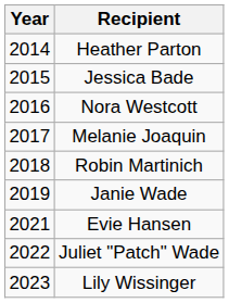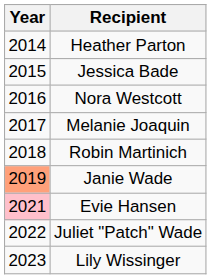 <table class="wikitable" style="text-align:center">
 <tr>
 <th>Year</th>
 <th>Recipient</th>
 </tr>
 <tr>
 <td>2014</td>
 <td>Heather Parton</td>
 </tr>
 <tr>
 <td>2015</td>
 <td>Jessica Bade</td>
 </tr>
 <tr>
 <td>2016</td>
 <td>Nora Westcott</td>
 </tr>
 <tr>
 <td>2017</td>
 <td>Melanie Joaquin</td>
 </tr>
 <tr>
 <td>2018</td>
 <td>Robin Martinich</td>
 </tr>
 <tr>
-<td>2019</td>
+<td style="background: lightsalmon;">2019</td>
 <td>Janie Wade</td>
 </tr>
 <tr>
-<td>2021</td>
+<td style="background: pink;">2021</td>
 <td>Evie Hansen</td>
 </tr>
 <tr>
 <td>2022</td>
 <td>Juliet "Patch" Wade</td>
 </tr>
 <tr>
 <td>2023</td>
 <td>Lily Wissinger</td>
 </tr>
 </table>
